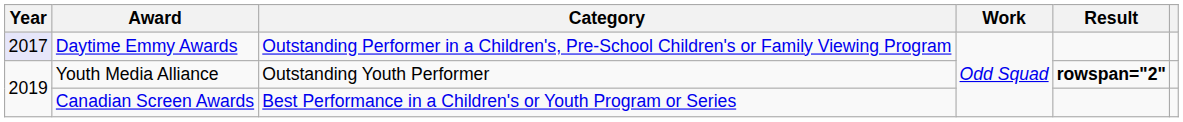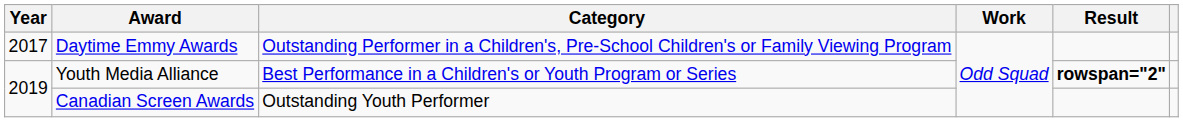 <table class="wikitable">
 <tr>
 <th>Year</th>
 <th>Award</th>
 <th>Category</th>
 <th>Work</th>
 <th>Result</th>
 <th></th>
 </tr>
 <tr>
-<td style="background: lavender;">2017</td>
+<td>2017</td>
 <td><a href='#'>Daytime Emmy Awards</a></td>
 <td><a href='#'>Outstanding Performer in a Children's, Pre-School Children's or Family Viewing Program</a></td>
 <td rowspan="3"><em><a href='#'>Odd Squad</a></em></td>
 <td></td>
 <td style="text-align:center;"></td>
 </tr>
 <tr>
 <td rowspan="2">2019</td>
 <td>Youth Media Alliance</td>
-<td>Outstanding Youth Performer</td>
+<td><a href='#'>Best Performance in a Children's or Youth Program or Series</a></td>
 <td><strong>rowspan="2" </strong></td>
 <td style="text-align:center;"></td>
 </tr>
 <tr>
 <td><a href='#'>Canadian Screen Awards</a></td>
-<td><a href='#'>Best Performance in a Children's or Youth Program or Series</a></td>
+<td>Outstanding Youth Performer</td>
 <td style="text-align:center;"></td>
 </tr>
 </table>
